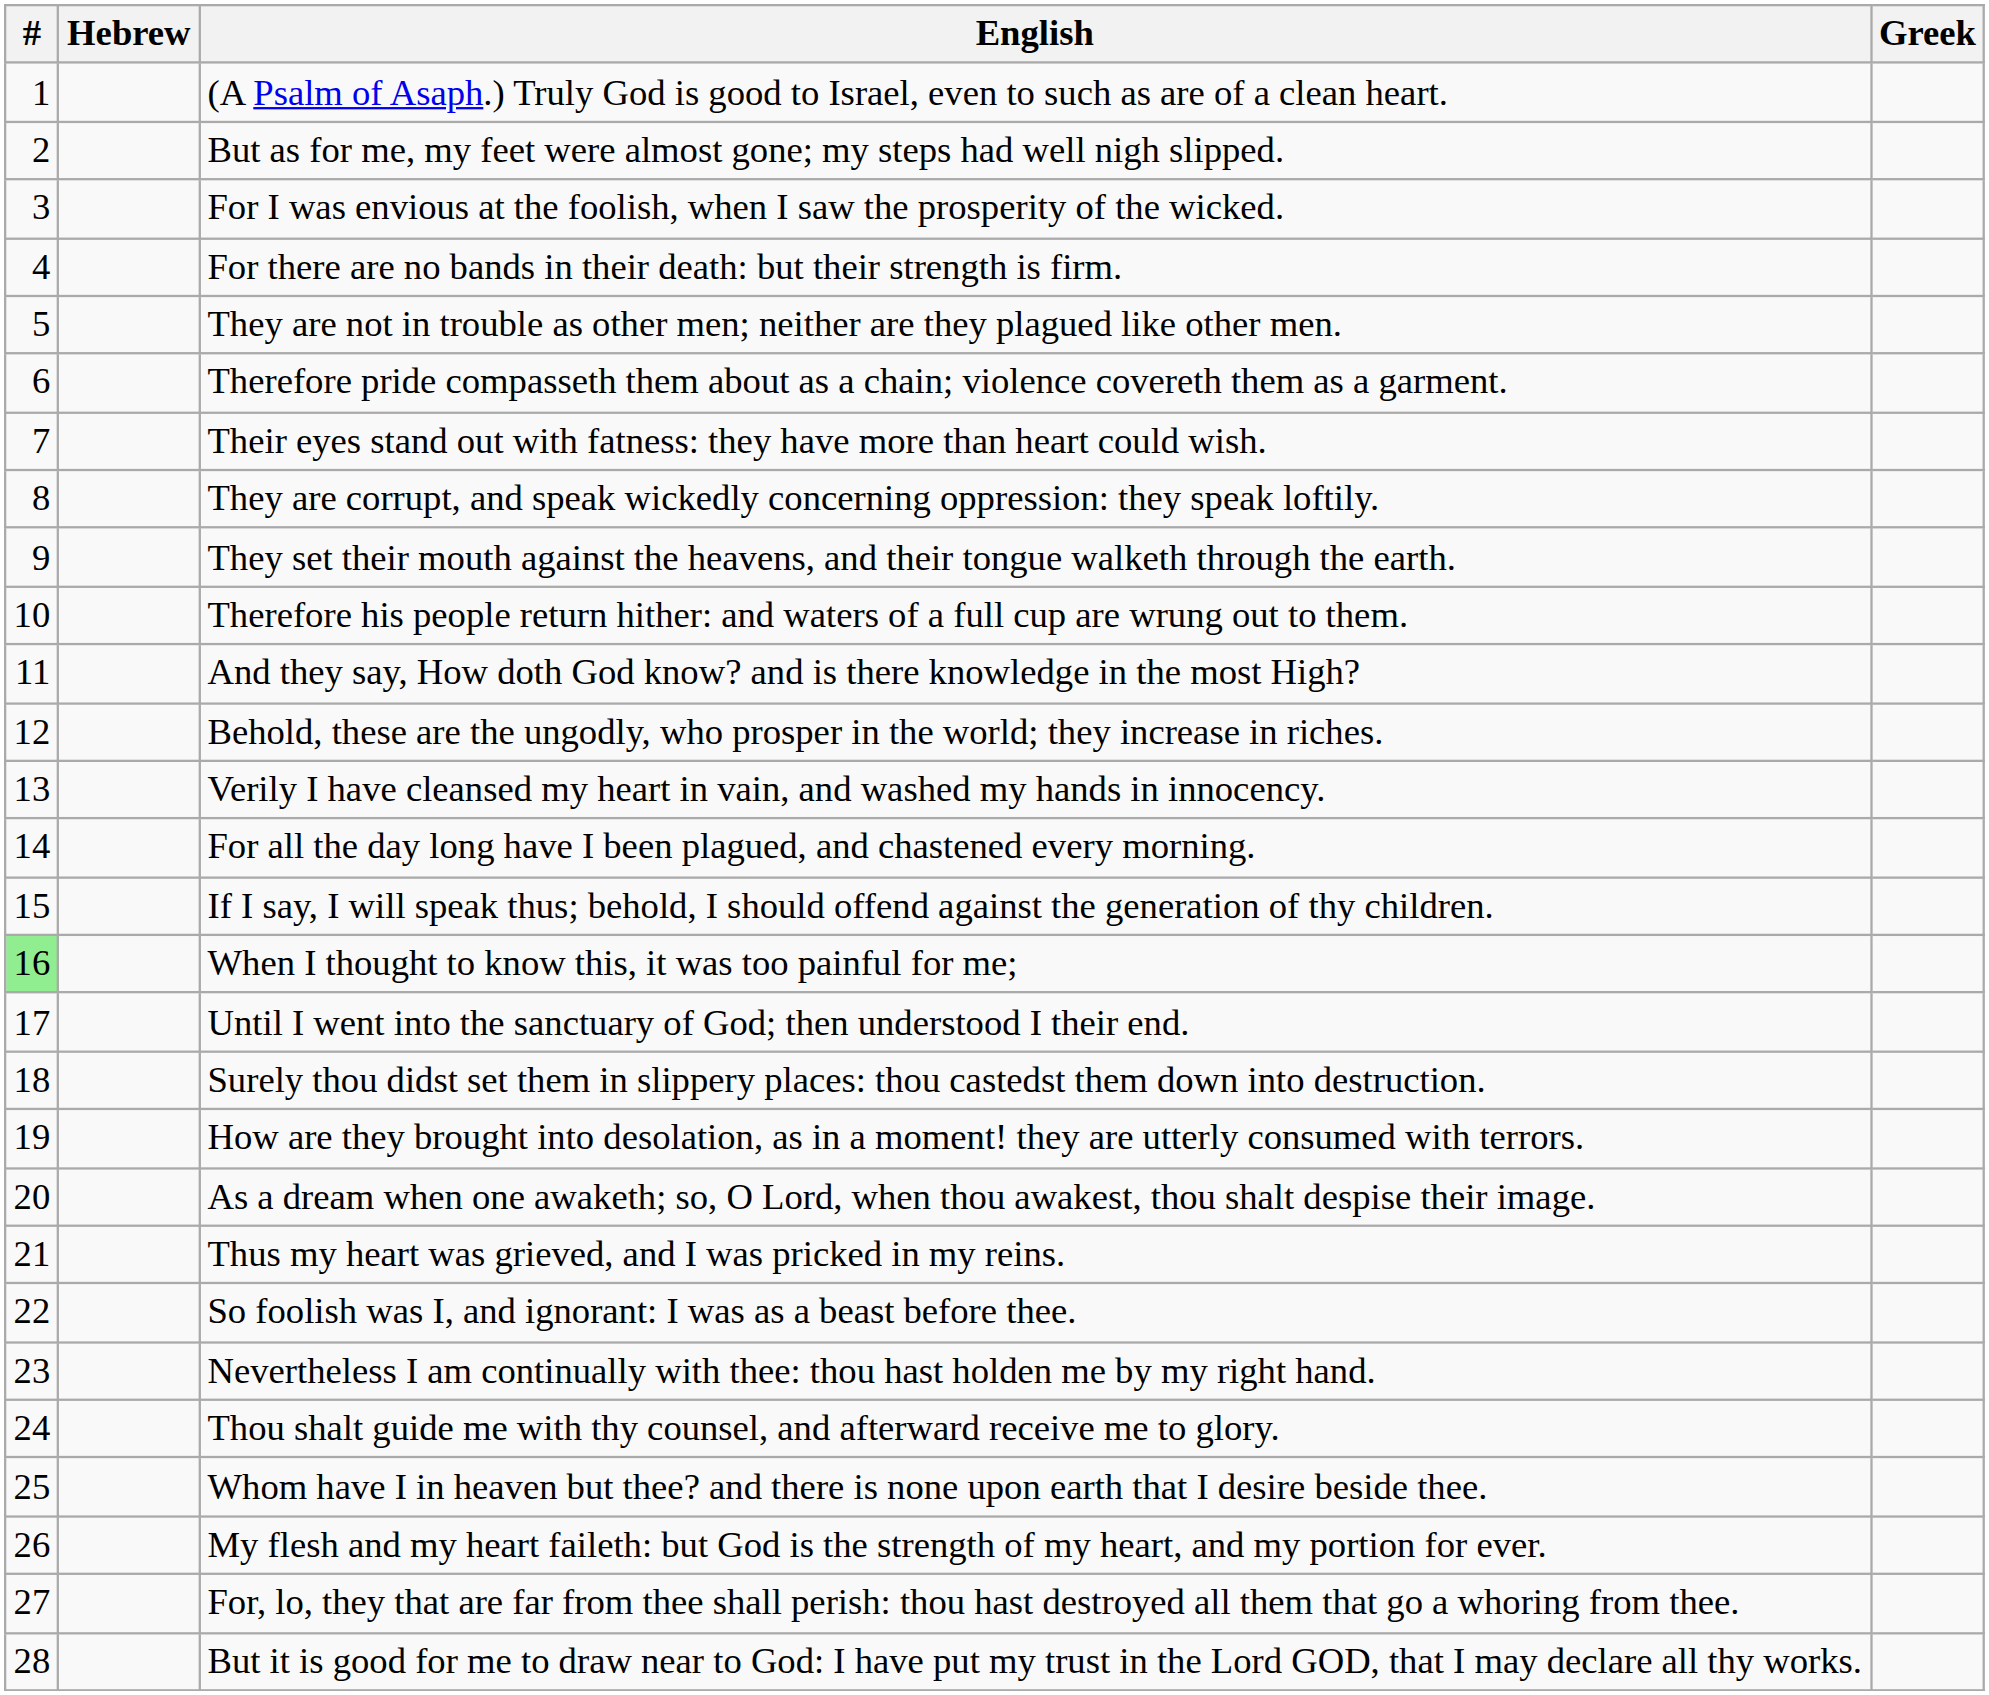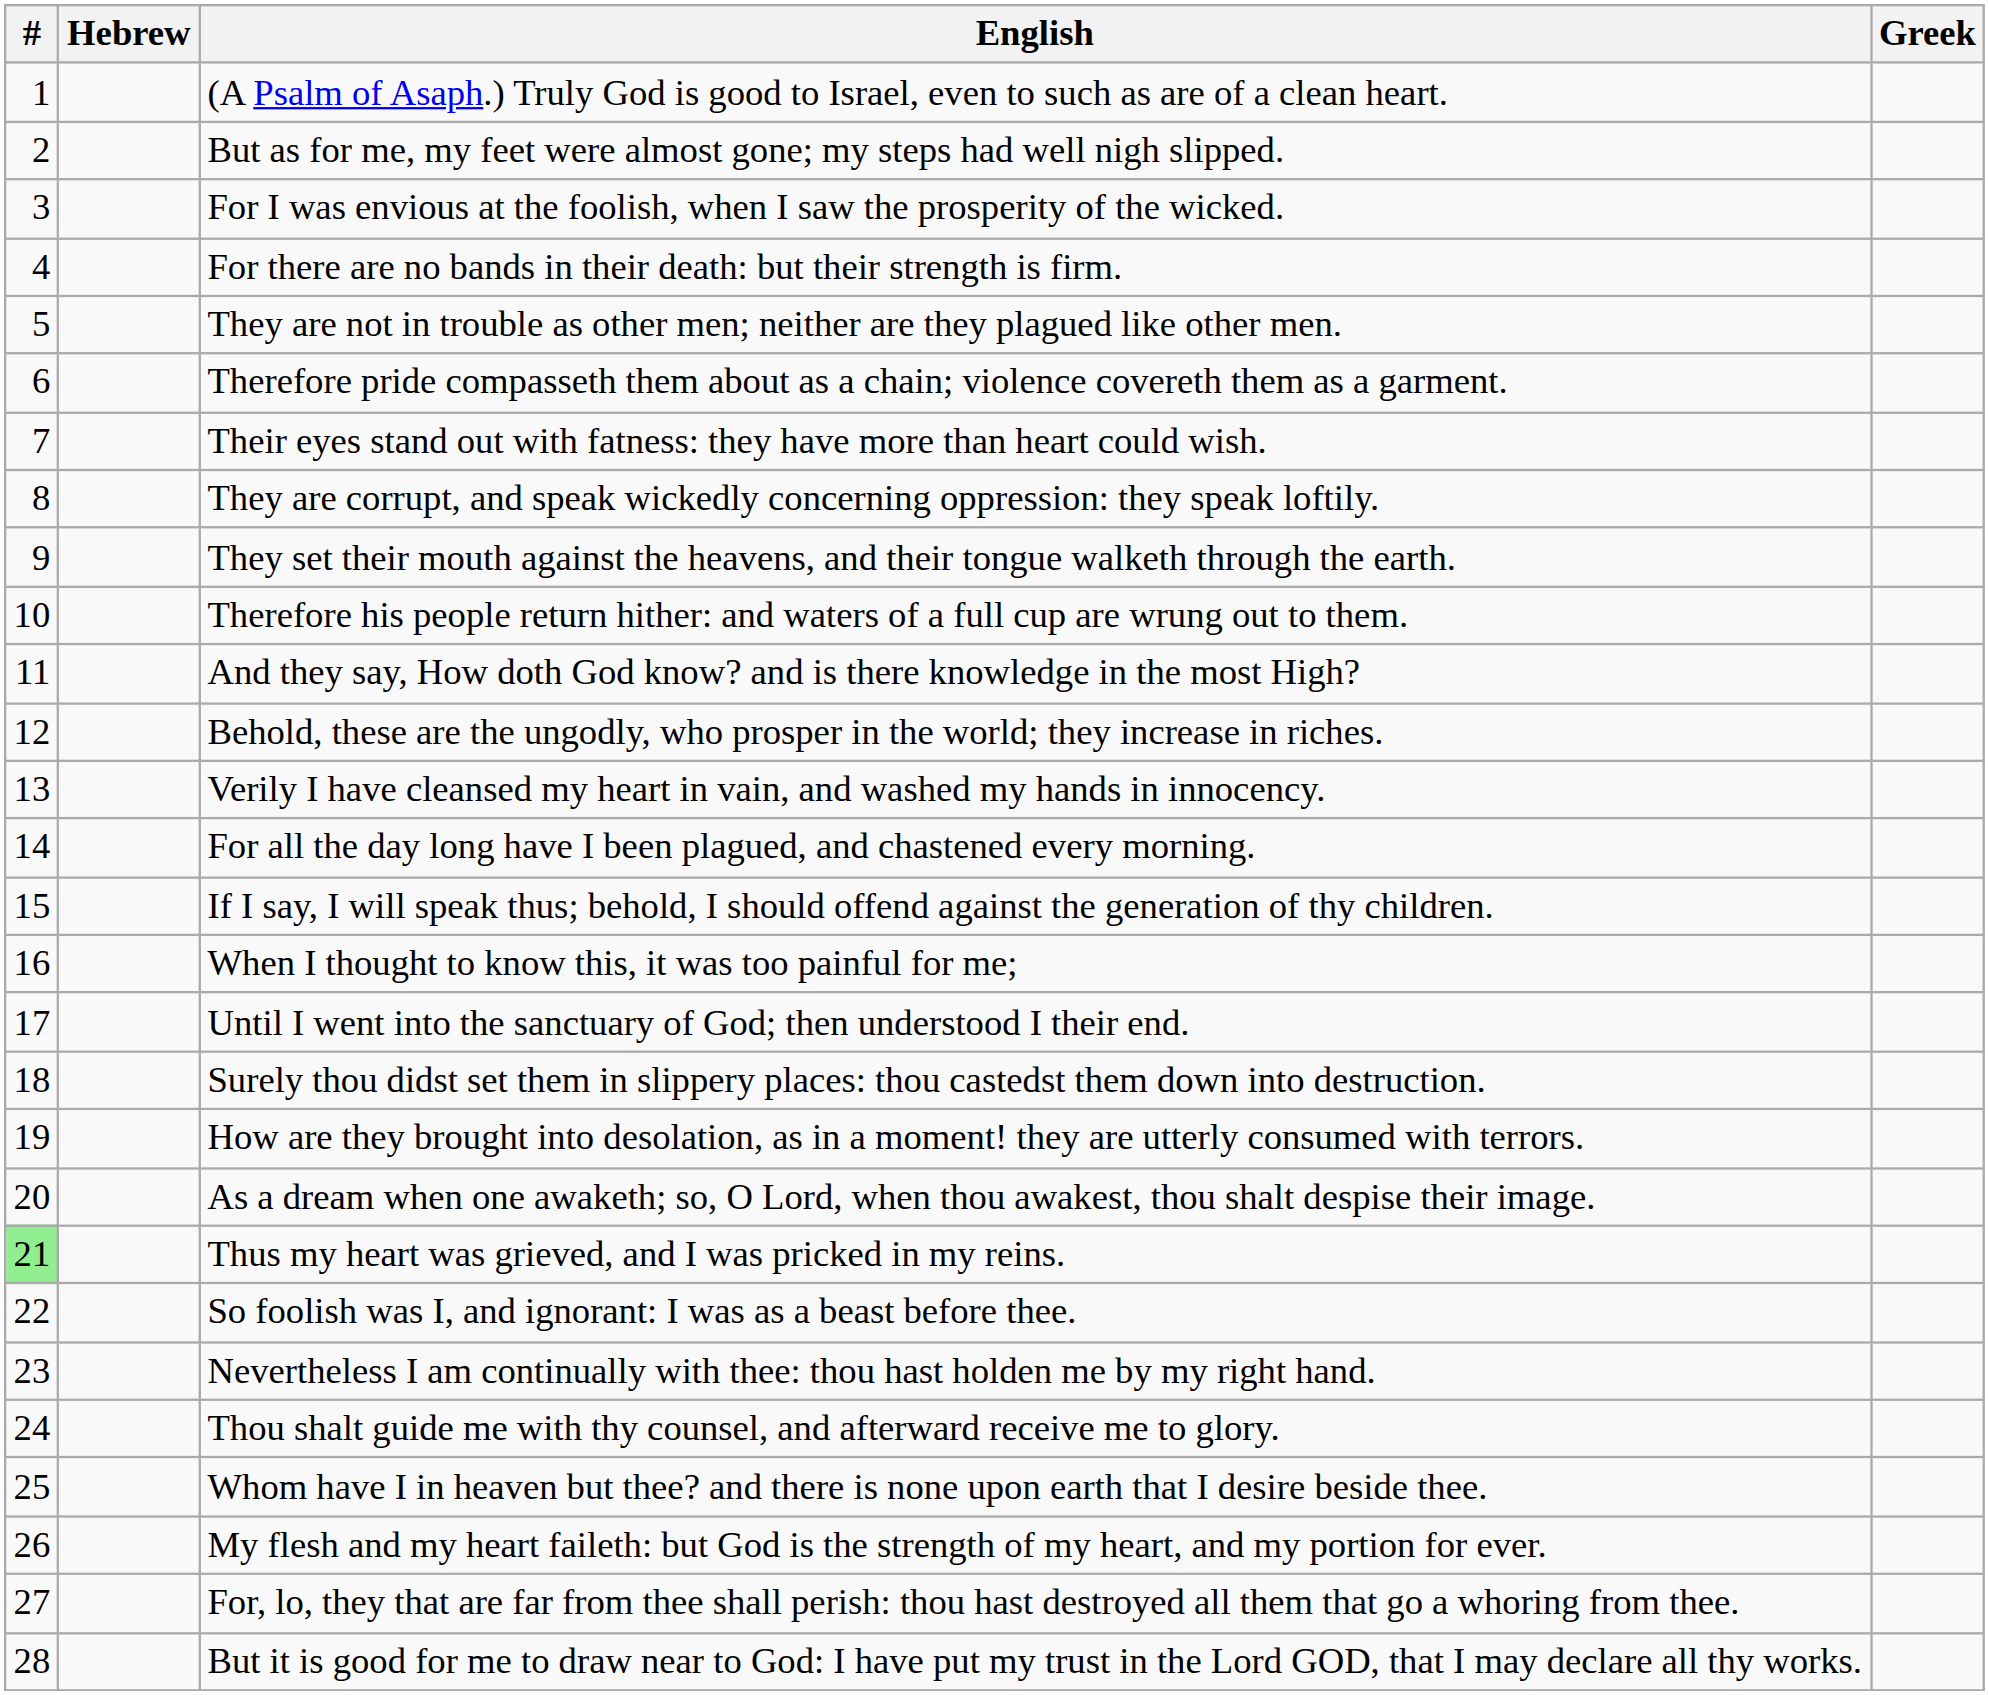 <table class=wikitable>
 <tr>
 <th>#</th>
 <th>Hebrew</th>
 <th>English</th>
 <th>Greek</th>
 </tr>
 <tr>
 <td style="text-align:right">1</td>
 <td style="text-align:right"></td>
 <td>(A <a href='#'>Psalm of Asaph</a>.) Truly God is good to Israel, even to such as are of a clean heart.</td>
 <td></td>
 </tr>
 <tr>
 <td style="text-align:right">2</td>
 <td style="text-align:right"></td>
 <td>But as for me, my feet were almost gone; my steps had well nigh slipped.</td>
 <td></td>
 </tr>
 <tr>
 <td style="text-align:right">3</td>
 <td style="text-align:right"></td>
 <td>For I was envious at the foolish, when I saw the prosperity of the wicked.</td>
 <td></td>
 </tr>
 <tr>
 <td style="text-align:right">4</td>
 <td style="text-align:right"></td>
 <td>For there are no bands in their death: but their strength is firm.</td>
 <td></td>
 </tr>
 <tr>
 <td style="text-align:right">5</td>
 <td style="text-align:right"></td>
 <td>They are not in trouble as other men; neither are they plagued like other men.</td>
 <td></td>
 </tr>
 <tr>
 <td style="text-align:right">6</td>
 <td style="text-align:right"></td>
 <td>Therefore pride compasseth them about as a chain; violence covereth them as a garment.</td>
 <td></td>
 </tr>
 <tr>
 <td style="text-align:right">7</td>
 <td style="text-align:right"></td>
 <td>Their eyes stand out with fatness: they have more than heart could wish.</td>
 <td></td>
 </tr>
 <tr>
 <td style="text-align:right">8</td>
 <td style="text-align:right"></td>
 <td>They are corrupt, and speak wickedly concerning oppression: they speak loftily.</td>
 <td></td>
 </tr>
 <tr>
 <td style="text-align:right">9</td>
 <td style="text-align:right"></td>
 <td>They set their mouth against the heavens, and their tongue walketh through the earth.</td>
 <td></td>
 </tr>
 <tr>
 <td style="text-align:right">10</td>
 <td style="text-align:right"></td>
 <td>Therefore his people return hither: and waters of a full cup are wrung out to them.</td>
 <td></td>
 </tr>
 <tr>
 <td style="text-align:right">11</td>
 <td style="text-align:right"></td>
 <td>And they say, How doth God know? and is there knowledge in the most High?</td>
 <td></td>
 </tr>
 <tr>
 <td style="text-align:right">12</td>
 <td style="text-align:right"></td>
 <td>Behold, these are the ungodly, who prosper in the world; they increase in riches.</td>
 <td></td>
 </tr>
 <tr>
 <td style="text-align:right">13</td>
 <td style="text-align:right"></td>
 <td>Verily I have cleansed my heart in vain, and washed my hands in innocency.</td>
 <td></td>
 </tr>
 <tr>
 <td style="text-align:right">14</td>
 <td style="text-align:right"></td>
 <td>For all the day long have I been plagued, and chastened every morning.</td>
 <td></td>
 </tr>
 <tr>
 <td style="text-align:right">15</td>
 <td style="text-align:right"></td>
 <td>If I say, I will speak thus; behold, I should offend against the generation of thy children.</td>
 <td></td>
 </tr>
 <tr>
-<td style="background: lightgreen; text-align:right">16</td>
+<td style="text-align:right">16</td>
 <td style="text-align:right"></td>
 <td>When I thought to know this, it was too painful for me;</td>
 <td></td>
 </tr>
 <tr>
 <td style="text-align:right">17</td>
 <td style="text-align:right"></td>
 <td>Until I went into the sanctuary of God; then understood I their end.</td>
 <td></td>
 </tr>
 <tr>
 <td style="text-align:right">18</td>
 <td style="text-align:right"></td>
 <td>Surely thou didst set them in slippery places: thou castedst them down into destruction.</td>
 <td></td>
 </tr>
 <tr>
 <td style="text-align:right">19</td>
 <td style="text-align:right"></td>
 <td>How are they brought into desolation, as in a moment! they are utterly consumed with terrors.</td>
 <td></td>
 </tr>
 <tr>
 <td style="text-align:right">20</td>
 <td style="text-align:right"></td>
 <td>As a dream when one awaketh; so, O Lord, when thou awakest, thou shalt despise their image.</td>
 <td></td>
 </tr>
 <tr>
-<td style="text-align:right">21</td>
+<td style="background: lightgreen; text-align:right">21</td>
 <td style="text-align:right"></td>
 <td>Thus my heart was grieved, and I was pricked in my reins.</td>
 <td></td>
 </tr>
 <tr>
 <td style="text-align:right">22</td>
 <td style="text-align:right"></td>
 <td>So foolish was I, and ignorant: I was as a beast before thee.</td>
 <td></td>
 </tr>
 <tr>
 <td style="text-align:right">23</td>
 <td style="text-align:right"></td>
 <td>Nevertheless I am continually with thee: thou hast holden me by my right hand.</td>
 <td></td>
 </tr>
 <tr>
 <td style="text-align:right">24</td>
 <td style="text-align:right"></td>
 <td>Thou shalt guide me with thy counsel, and afterward receive me to glory.</td>
 <td></td>
 </tr>
 <tr>
 <td style="text-align:right">25</td>
 <td style="text-align:right"></td>
 <td>Whom have I in heaven but thee? and there is none upon earth that I desire beside thee.</td>
 <td></td>
 </tr>
 <tr>
 <td style="text-align:right">26</td>
 <td style="text-align:right"></td>
 <td>My flesh and my heart faileth: but God is the strength of my heart, and my portion for ever.</td>
 <td></td>
 </tr>
 <tr>
 <td style="text-align:right">27</td>
 <td style="text-align:right"></td>
 <td>For, lo, they that are far from thee shall perish: thou hast destroyed all them that go a whoring from thee.</td>
 <td></td>
 </tr>
 <tr>
 <td style="text-align:right">28</td>
 <td style="text-align:right"></td>
 <td>But it is good for me to draw near to God: I have put my trust in the Lord GOD, that I may declare all thy works.</td>
 <td></td>
 </tr>
 <tr>
 </tr>
 </table>
